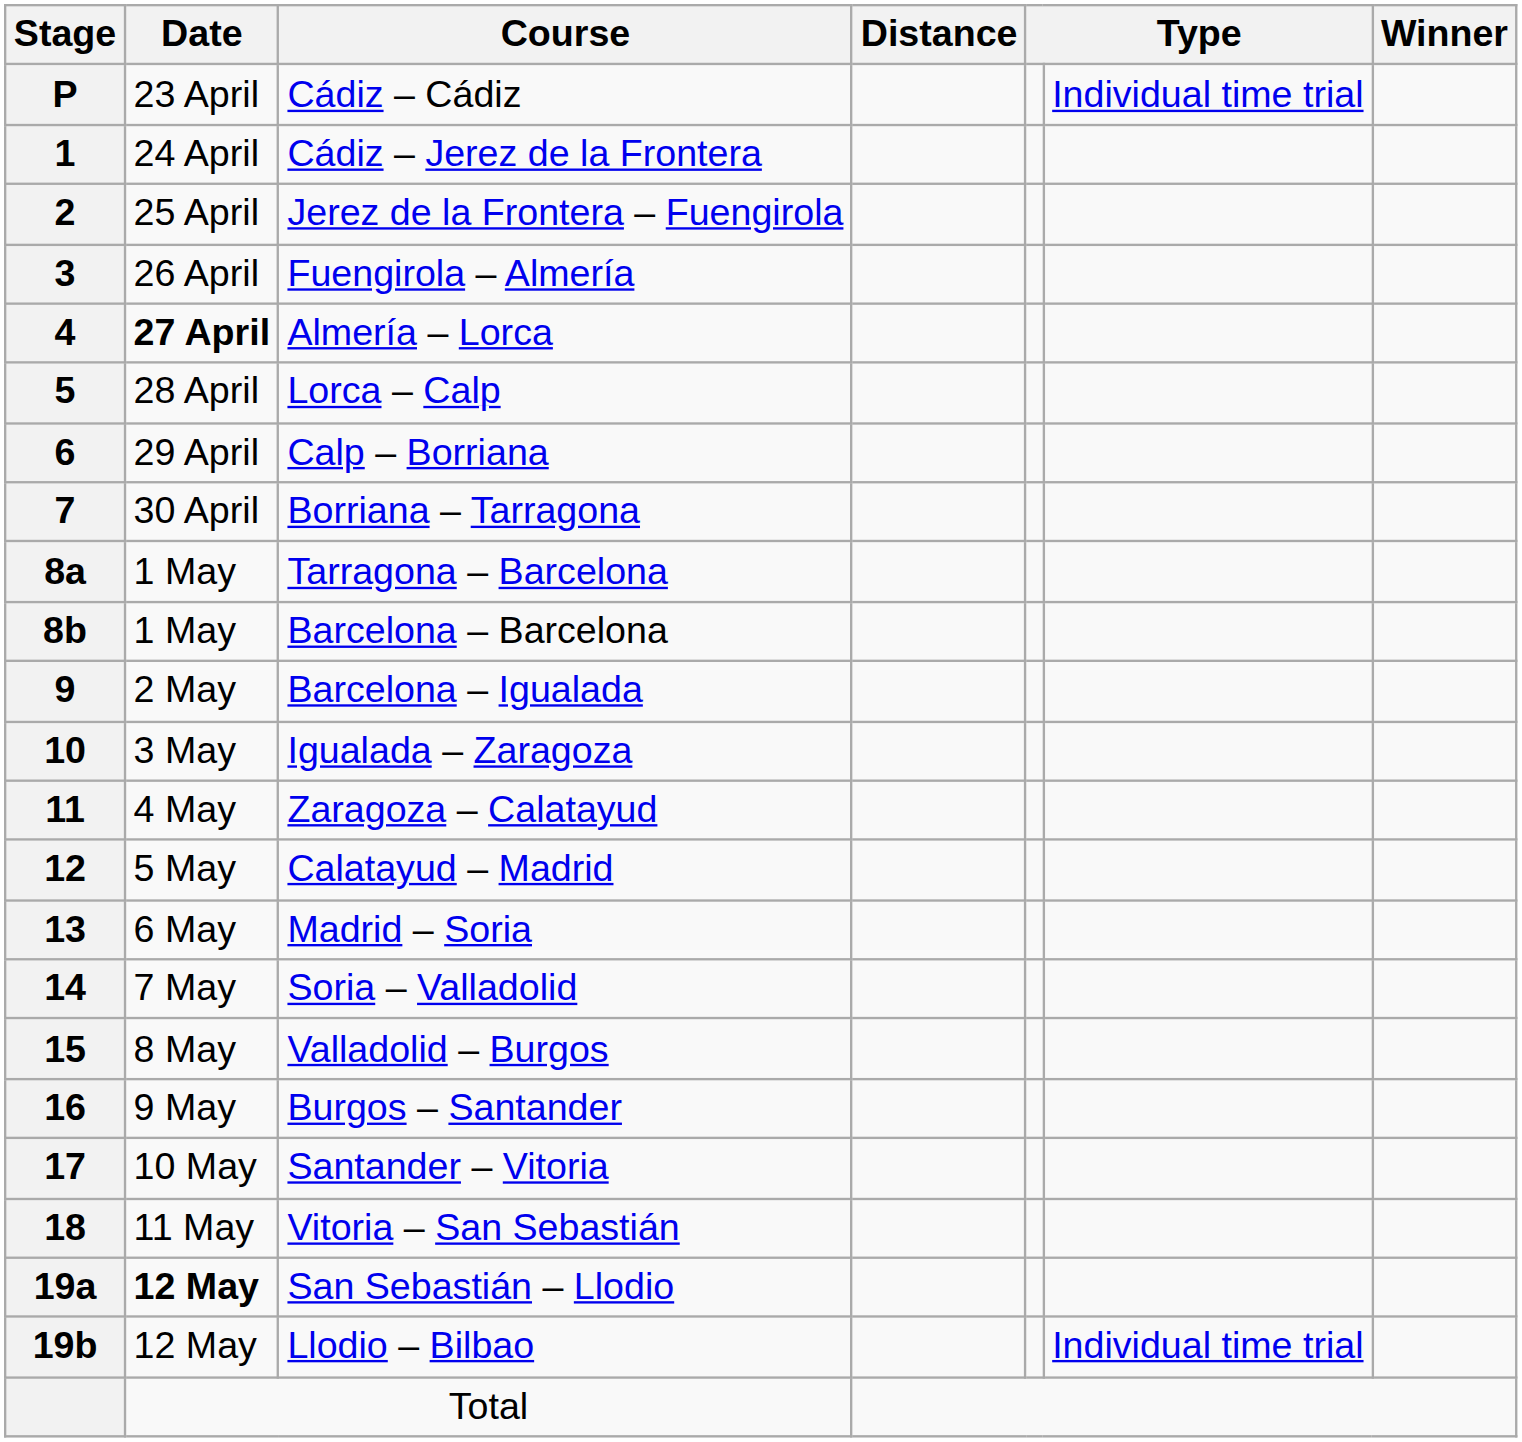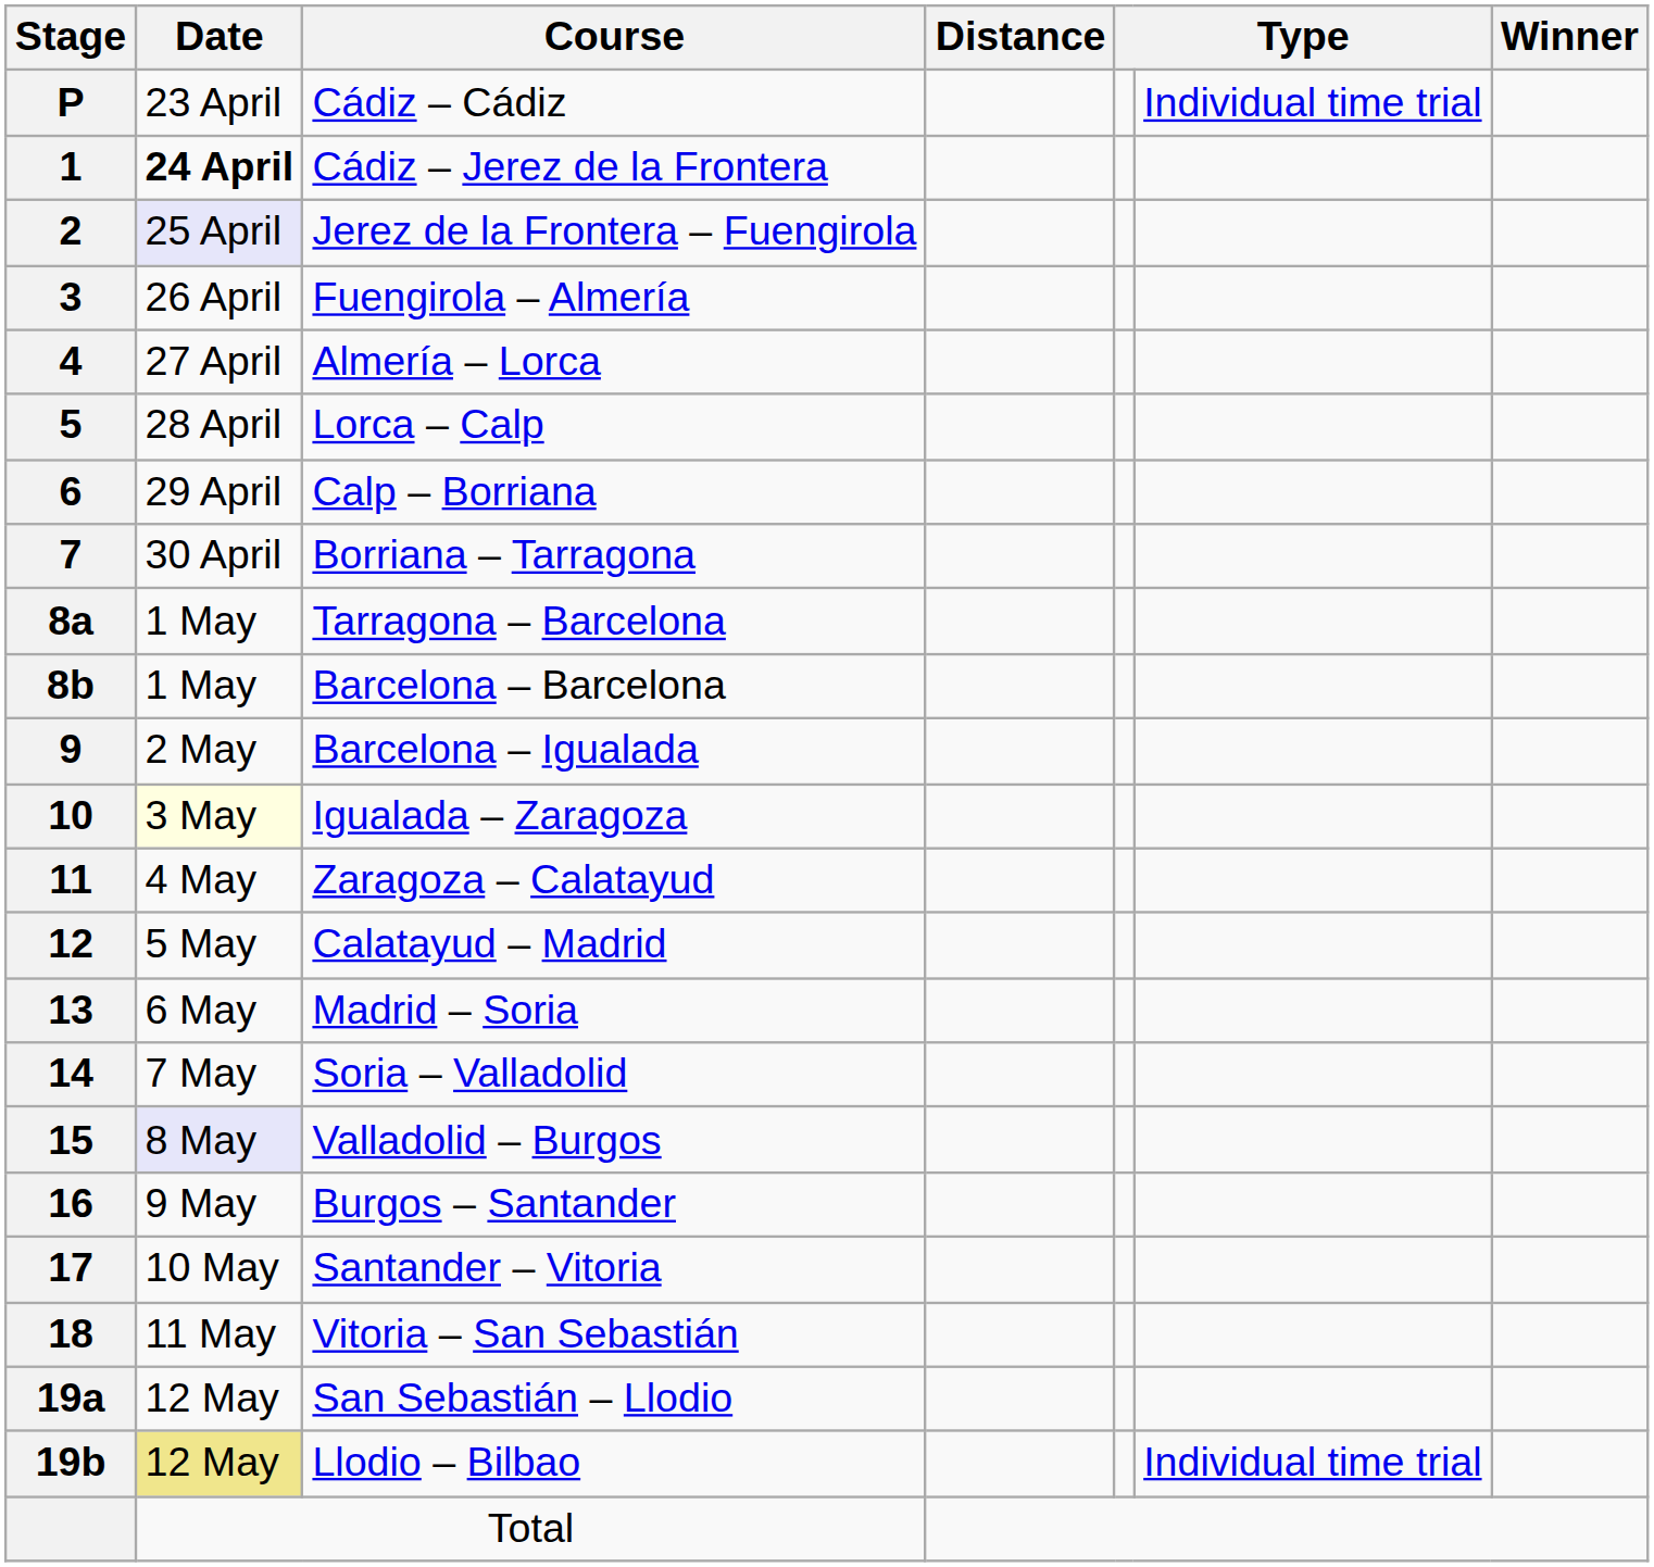 <table class="wikitable">
 <tr>
 <th scope="col">Stage</th>
 <th scope="col">Date</th>
 <th scope="col">Course</th>
 <th scope="col">Distance</th>
 <th scope="col" colspan="2">Type</th>
 <th scope="col">Winner</th>
 </tr>
 <tr>
 <th scope="row">P</th>
 <td>23 April</td>
 <td><a href='#'>Cádiz</a> – Cádiz</td>
 <td style="text-align:center;"></td>
 <td></td>
 <td><a href='#'>Individual time trial</a></td>
 <td></td>
 </tr>
 <tr>
 <th scope="row">1</th>
-<td>24 April</td>
+<td><strong>24 April</strong></td>
 <td><a href='#'>Cádiz</a> – <a href='#'>Jerez de la Frontera</a></td>
 <td style="text-align:center;"></td>
 <td></td>
 <td></td>
 <td></td>
 </tr>
 <tr>
 <th scope="row">2</th>
-<td>25 April</td>
+<td style="background: lavender;">25 April</td>
 <td><a href='#'>Jerez de la Frontera</a> – <a href='#'>Fuengirola</a></td>
 <td style="text-align:center;"></td>
 <td></td>
 <td></td>
 <td></td>
 </tr>
 <tr>
 <th scope="row">3</th>
 <td>26 April</td>
 <td><a href='#'>Fuengirola</a> – <a href='#'>Almería</a></td>
 <td style="text-align:center;"></td>
 <td></td>
 <td></td>
 <td></td>
 </tr>
 <tr>
 <th scope="row">4</th>
-<td><strong>27 April</strong></td>
+<td>27 April</td>
 <td><a href='#'>Almería</a> – <a href='#'>Lorca</a></td>
 <td style="text-align:center;"></td>
 <td></td>
 <td></td>
 <td></td>
 </tr>
 <tr>
 <th scope="row">5</th>
 <td>28 April</td>
 <td><a href='#'>Lorca</a> – <a href='#'>Calp</a></td>
 <td style="text-align:center;"></td>
 <td></td>
 <td></td>
 <td></td>
 </tr>
 <tr>
 <th scope="row">6</th>
 <td>29 April</td>
 <td><a href='#'>Calp</a> – <a href='#'>Borriana</a></td>
 <td style="text-align:center;"></td>
 <td></td>
 <td></td>
 <td></td>
 </tr>
 <tr>
 <th scope="row">7</th>
 <td>30 April</td>
 <td><a href='#'>Borriana</a> – <a href='#'>Tarragona</a></td>
 <td style="text-align:center;"></td>
 <td></td>
 <td></td>
 <td></td>
 </tr>
 <tr>
 <th scope="row">8a</th>
 <td>1 May</td>
 <td><a href='#'>Tarragona</a> – <a href='#'>Barcelona</a></td>
 <td style="text-align:center;"></td>
 <td></td>
 <td></td>
 <td></td>
 </tr>
 <tr>
 <th scope="row">8b</th>
 <td>1 May</td>
 <td><a href='#'>Barcelona</a> – Barcelona</td>
 <td style="text-align:center;"></td>
 <td></td>
 <td></td>
 <td></td>
 </tr>
 <tr>
 <th scope="row">9</th>
 <td>2 May</td>
 <td><a href='#'>Barcelona</a> – <a href='#'>Igualada</a></td>
 <td style="text-align:center;"></td>
 <td></td>
 <td></td>
 <td></td>
 </tr>
 <tr>
 <th scope="row">10</th>
-<td>3 May</td>
+<td style="background: lightyellow;">3 May</td>
 <td><a href='#'>Igualada</a> – <a href='#'>Zaragoza</a></td>
 <td style="text-align:center;"></td>
 <td></td>
 <td></td>
 <td></td>
 </tr>
 <tr>
 <th scope="row">11</th>
 <td>4 May</td>
 <td><a href='#'>Zaragoza</a> – <a href='#'>Calatayud</a></td>
 <td style="text-align:center;"></td>
 <td></td>
 <td></td>
 <td></td>
 </tr>
 <tr>
 <th scope="row">12</th>
 <td>5 May</td>
 <td><a href='#'>Calatayud</a> – <a href='#'>Madrid</a></td>
 <td style="text-align:center;"></td>
 <td></td>
 <td></td>
 <td></td>
 </tr>
 <tr>
 <th scope="row">13</th>
 <td>6 May</td>
 <td><a href='#'>Madrid</a> – <a href='#'>Soria</a></td>
 <td style="text-align:center;"></td>
 <td></td>
 <td></td>
 <td></td>
 </tr>
 <tr>
 <th scope="row">14</th>
 <td>7 May</td>
 <td><a href='#'>Soria</a> – <a href='#'>Valladolid</a></td>
 <td style="text-align:center;"></td>
 <td></td>
 <td></td>
 <td></td>
 </tr>
 <tr>
 <th scope="row">15</th>
-<td>8 May</td>
+<td style="background: lavender;">8 May</td>
 <td><a href='#'>Valladolid</a> – <a href='#'>Burgos</a></td>
 <td style="text-align:center;"></td>
 <td></td>
 <td></td>
 <td></td>
 </tr>
 <tr>
 <th scope="row">16</th>
 <td>9 May</td>
 <td><a href='#'>Burgos</a> – <a href='#'>Santander</a></td>
 <td style="text-align:center;"></td>
 <td></td>
 <td></td>
 <td></td>
 </tr>
 <tr>
 <th scope="row">17</th>
 <td>10 May</td>
 <td><a href='#'>Santander</a> – <a href='#'>Vitoria</a></td>
 <td style="text-align:center;"></td>
 <td></td>
 <td></td>
 <td></td>
 </tr>
 <tr>
 <th scope="row">18</th>
 <td>11 May</td>
 <td><a href='#'>Vitoria</a> – <a href='#'>San Sebastián</a></td>
 <td style="text-align:center;"></td>
 <td></td>
 <td></td>
 <td></td>
 </tr>
 <tr>
 <th scope="row">19a</th>
-<td><strong>12 May</strong></td>
+<td>12 May</td>
 <td><a href='#'>San Sebastián</a> – <a href='#'>Llodio</a></td>
 <td style="text-align:center;"></td>
 <td></td>
 <td></td>
 <td></td>
 </tr>
 <tr>
 <th scope="row">19b</th>
-<td>12 May</td>
+<td style="background: khaki;">12 May</td>
 <td><a href='#'>Llodio</a> – <a href='#'>Bilbao</a></td>
 <td style="text-align:center;"></td>
 <td></td>
 <td><a href='#'>Individual time trial</a></td>
 <td></td>
 </tr>
 <tr>
 <th scope="row"></th>
 <td colspan="2" style="text-align:center">Total</td>
 <td colspan="4" style="text-align:center"></td>
 </tr>
 </table>
